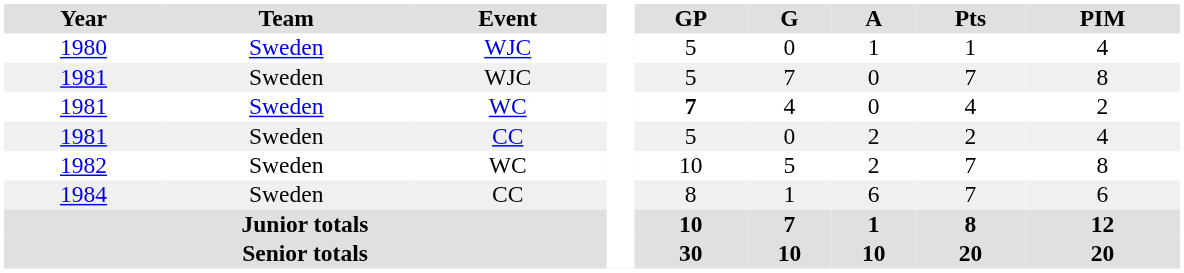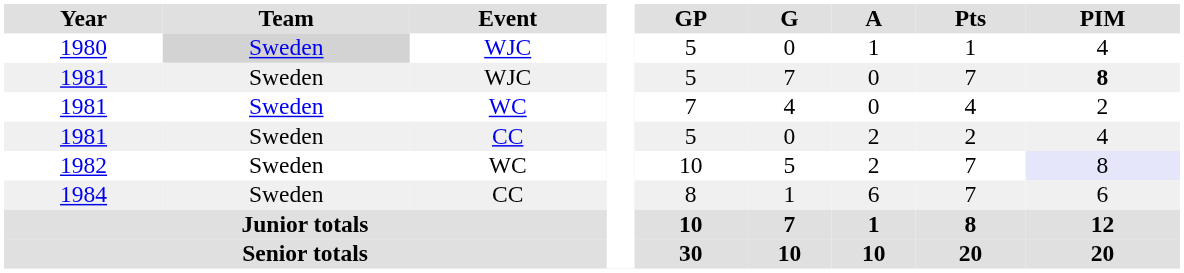 <table border="0" cellpadding="1" cellspacing="0" style="text-align:center; width:50em">
 <tr ALIGN="center" bgcolor="#e0e0e0">
 <th>Year</th>
 <th>Team</th>
 <th>Event</th>
 <th rowspan="99" bgcolor="#ffffff"> </th>
 <th>GP</th>
 <th>G</th>
 <th>A</th>
 <th>Pts</th>
 <th>PIM</th>
 </tr>
 <tr>
 <td><a href='#'>1980</a></td>
-<td><a href='#'>Sweden</a></td>
+<td style="background: lightgrey;"><a href='#'>Sweden</a></td>
 <td><a href='#'>WJC</a></td>
 <td>5</td>
 <td>0</td>
 <td>1</td>
 <td>1</td>
 <td>4</td>
 </tr>
 <tr bgcolor="#f0f0f0">
 <td><a href='#'>1981</a></td>
 <td>Sweden</td>
 <td>WJC</td>
 <td>5</td>
 <td>7</td>
 <td>0</td>
 <td>7</td>
-<td>8</td>
+<td><strong>8</strong></td>
 </tr>
 <tr>
 <td><a href='#'>1981</a></td>
 <td><a href='#'>Sweden</a></td>
 <td><a href='#'>WC</a></td>
-<td><strong>7</strong></td>
+<td>7</td>
 <td>4</td>
 <td>0</td>
 <td>4</td>
 <td>2</td>
 </tr>
 <tr bgcolor="#f0f0f0">
 <td><a href='#'>1981</a></td>
 <td>Sweden</td>
 <td><a href='#'>CC</a></td>
 <td>5</td>
 <td>0</td>
 <td>2</td>
 <td>2</td>
 <td>4</td>
 </tr>
 <tr>
 <td><a href='#'>1982</a></td>
 <td>Sweden</td>
 <td>WC</td>
 <td>10</td>
 <td>5</td>
 <td>2</td>
 <td>7</td>
-<td>8</td>
+<td style="background: lavender;">8</td>
 </tr>
 <tr bgcolor="#f0f0f0">
 <td><a href='#'>1984</a></td>
 <td>Sweden</td>
 <td>CC</td>
 <td>8</td>
 <td>1</td>
 <td>6</td>
 <td>7</td>
 <td>6</td>
 </tr>
 <tr bgcolor="#e0e0e0">
 <th colspan=3>Junior totals</th>
 <th>10</th>
 <th>7</th>
 <th>1</th>
 <th>8</th>
 <th>12</th>
 </tr>
 <tr bgcolor="#e0e0e0">
 <th colspan=3>Senior totals</th>
 <th>30</th>
 <th>10</th>
 <th>10</th>
 <th>20</th>
 <th>20</th>
 </tr>
 </table>
